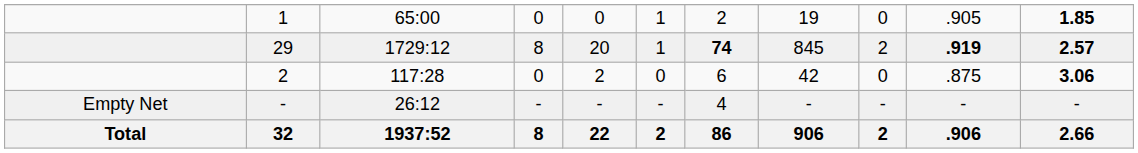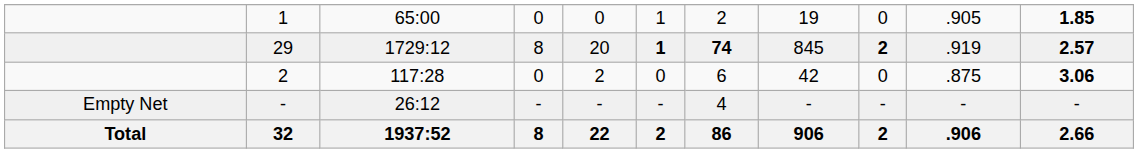 <table class="wikitable sortable" width ="1000">
 <tr align="center">
 </tr>
 <tr align="center" bgcolor="">
 <td></td>
 <td>1</td>
 <td>65:00</td>
 <td>0</td>
 <td>0</td>
 <td>1</td>
 <td>2</td>
 <td>19</td>
 <td>0</td>
 <td>.905</td>
 <td><strong>1.85</strong></td>
 </tr>
 <tr align="center" bgcolor="f0f0f0">
 <td></td>
 <td>29</td>
 <td>1729:12</td>
 <td>8</td>
 <td>20</td>
-<td>1</td>
+<td><strong>1</strong></td>
 <td><strong>74</strong></td>
 <td>845</td>
-<td>2</td>
-<td><strong>.919</strong></td>
+<td><strong>2</strong></td>
+<td>.919</td>
 <td><strong>2.57</strong></td>
 </tr>
 <tr align="center" bgcolor="">
 <td></td>
 <td>2</td>
 <td>117:28</td>
 <td>0</td>
 <td>2</td>
 <td>0</td>
 <td>6</td>
 <td>42</td>
 <td>0</td>
 <td>.875</td>
 <td><strong>3.06</strong></td>
 </tr>
 <tr align="center" bgcolor="f0f0f0">
 <td>Empty Net</td>
 <td>-</td>
 <td>26:12</td>
 <td>-</td>
 <td>-</td>
 <td>-</td>
 <td>4</td>
 <td>-</td>
 <td>-</td>
 <td>-</td>
 <td>-</td>
 </tr>
 <tr>
 <th>Total</th>
 <th>32</th>
 <th>1937:52</th>
 <th>8</th>
 <th>22</th>
 <th>2</th>
 <th>86</th>
 <th>906</th>
 <th>2</th>
 <th>.906</th>
 <th>2.66</th>
 </tr>
 </table>
